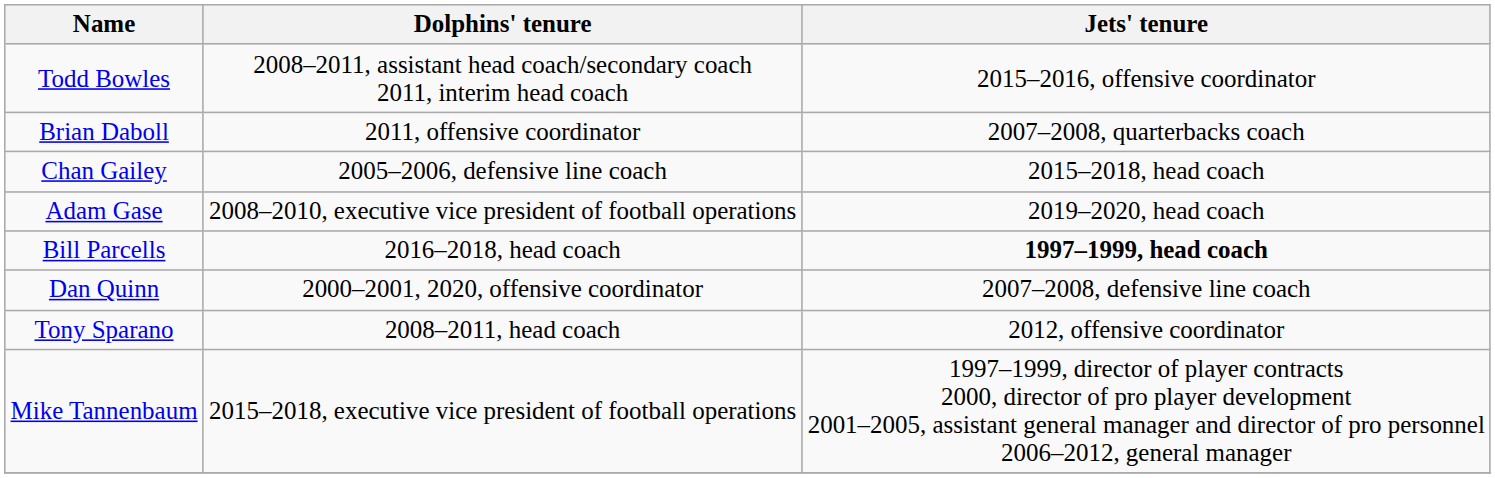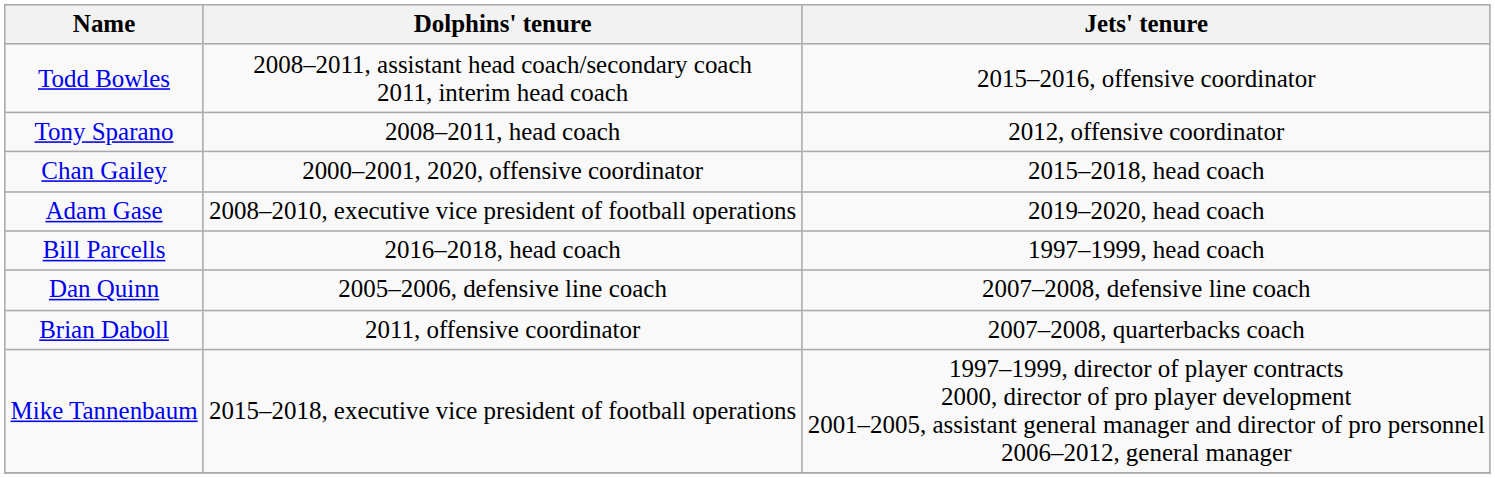 <table class="wikitable" style="text-align: center;">
 <tr>
 <th>Name</th>
 <th>Dolphins' tenure</th>
 <th>Jets' tenure</th>
 </tr>
 <tr>
 <td><a href='#'>Todd Bowles</a></td>
 <td>2008–2011, assistant head coach/secondary coach<br>2011, interim head coach</td>
 <td>2015–2016, offensive coordinator</td>
 </tr>
 <tr>
-<td><a href='#'>Brian Daboll</a></td>
-<td>2011, offensive coordinator</td>
-<td>2007–2008, quarterbacks coach</td>
+<td><a href='#'>Tony Sparano</a></td>
+<td>2008–2011, head coach</td>
+<td>2012, offensive coordinator</td>
 </tr>
 <tr>
 <td><a href='#'>Chan Gailey</a></td>
-<td>2005–2006, defensive line coach</td>
+<td>2000–2001, 2020, offensive coordinator</td>
 <td>2015–2018, head coach</td>
 </tr>
 <tr>
 <td><a href='#'>Adam Gase</a></td>
 <td>2008–2010, executive vice president of football operations</td>
 <td>2019–2020, head coach</td>
 </tr>
 <tr>
 <td><a href='#'>Bill Parcells</a></td>
 <td>2016–2018, head coach</td>
-<td><strong>1997–1999, head coach</strong></td>
+<td>1997–1999, head coach</td>
 </tr>
 <tr>
 <td><a href='#'>Dan Quinn</a></td>
-<td>2000–2001, 2020, offensive coordinator</td>
+<td>2005–2006, defensive line coach</td>
 <td>2007–2008, defensive line coach</td>
 </tr>
 <tr>
-<td><a href='#'>Tony Sparano</a></td>
-<td>2008–2011, head coach</td>
-<td>2012, offensive coordinator</td>
+<td><a href='#'>Brian Daboll</a></td>
+<td>2011, offensive coordinator</td>
+<td>2007–2008, quarterbacks coach</td>
 </tr>
 <tr>
 <td><a href='#'>Mike Tannenbaum</a></td>
 <td>2015–2018, executive vice president of football operations</td>
 <td>1997–1999, director of player contracts<br>2000, director of pro player development<br>2001–2005, assistant general manager and director of pro personnel<br>2006–2012, general manager</td>
 </tr>
 <tr>
 </tr>
 </table>
